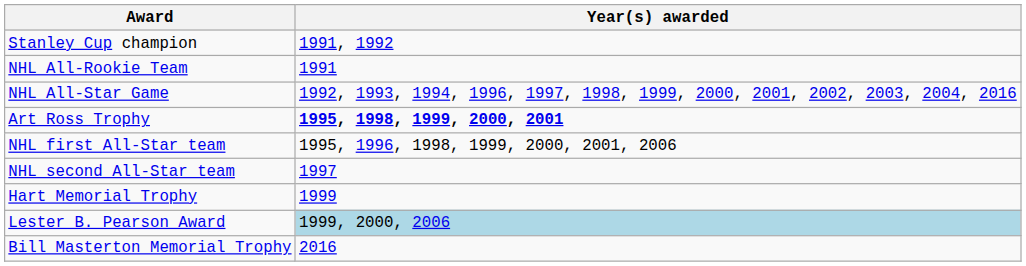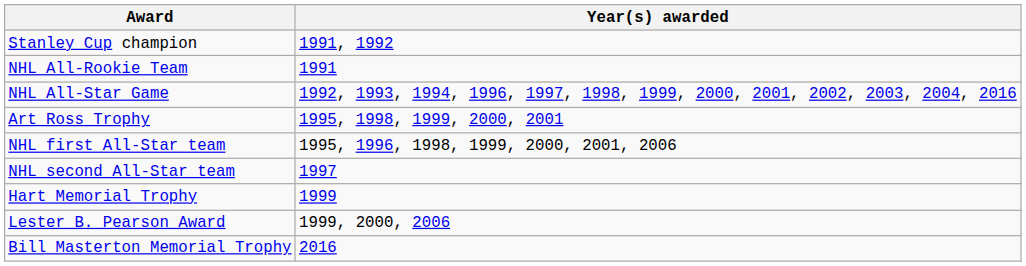 <table class="wikitable">
 <tr>
 <th>Award</th>
 <th>Year(s) awarded</th>
 </tr>
 <tr>
 <td><a href='#'>Stanley Cup</a> champion</td>
 <td><a href='#'>1991</a>, <a href='#'>1992</a></td>
 </tr>
 <tr>
 <td><a href='#'>NHL All-Rookie Team</a></td>
 <td><a href='#'>1991</a></td>
 </tr>
 <tr>
 <td><a href='#'>NHL All-Star Game</a></td>
 <td><a href='#'>1992</a>, <a href='#'>1993</a>, <a href='#'>1994</a>, <a href='#'>1996</a>, <a href='#'>1997</a>, <a href='#'>1998</a>, <a href='#'>1999</a>, <a href='#'>2000</a>, <a href='#'>2001</a>, <a href='#'>2002</a>, <a href='#'>2003</a>, <a href='#'>2004</a>, <a href='#'>2016</a></td>
 </tr>
 <tr>
 <td><a href='#'>Art Ross Trophy</a></td>
-<td><strong><a href='#'>1995</a>, <a href='#'>1998</a>, <a href='#'>1999</a>, <a href='#'>2000</a>, <a href='#'>2001</a></strong></td>
+<td><a href='#'>1995</a>, <a href='#'>1998</a>, <a href='#'>1999</a>, <a href='#'>2000</a>, <a href='#'>2001</a></td>
 </tr>
 <tr>
 <td><a href='#'>NHL first All-Star team</a></td>
 <td>1995, <a href='#'>1996</a>, 1998, 1999, 2000, 2001, 2006</td>
 </tr>
 <tr>
 <td><a href='#'>NHL second All-Star team</a></td>
 <td><a href='#'>1997</a></td>
 </tr>
 <tr>
 <td><a href='#'>Hart Memorial Trophy</a></td>
 <td><a href='#'>1999</a></td>
 </tr>
 <tr>
 <td><a href='#'>Lester B. Pearson Award</a></td>
-<td style="background: lightblue;">1999, 2000, <a href='#'>2006</a></td>
+<td>1999, 2000, <a href='#'>2006</a></td>
 </tr>
 <tr>
 <td><a href='#'>Bill Masterton Memorial Trophy</a></td>
 <td><a href='#'>2016</a></td>
 </tr>
 </table>
